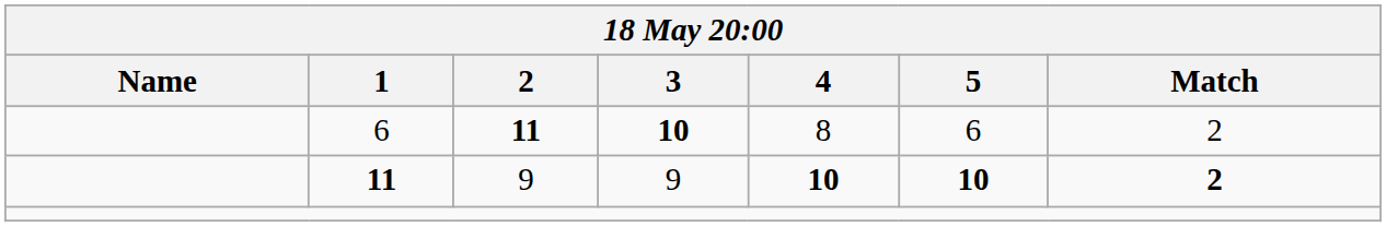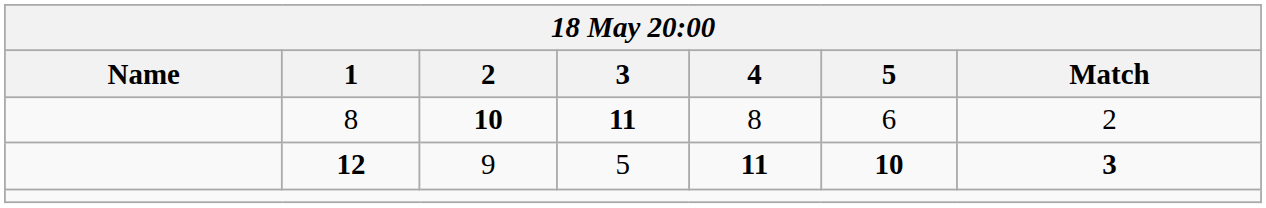 <table class=wikitable style="text-align:center; width: 55%">
 <tr>
 <th colspan=17><em>18 May 20:00</em></th>
 </tr>
 <tr>
 <th>Name</th>
 <th>1</th>
 <th>2</th>
 <th>3</th>
 <th>4</th>
 <th>5</th>
 <th>Match</th>
 </tr>
 <tr>
 <td style="text-align:left;"></td>
-<td>6</td>
+<td>8</td>
+<td><strong>10</strong></td>
 <td><strong>11</strong></td>
-<td><strong>10</strong></td>
 <td>8</td>
 <td>6</td>
 <td>2</td>
 </tr>
 <tr>
 <td style="text-align:left;"><strong></strong></td>
+<td><strong>12</strong></td>
+<td>9</td>
+<td>5</td>
 <td><strong>11</strong></td>
-<td>9</td>
-<td>9</td>
 <td><strong>10</strong></td>
-<td><strong>10</strong></td>
-<td><strong>2</strong></td>
+<td><strong>3</strong></td>
 </tr>
 <tr>
 <td colspan=17></td>
 </tr>
 </table>
